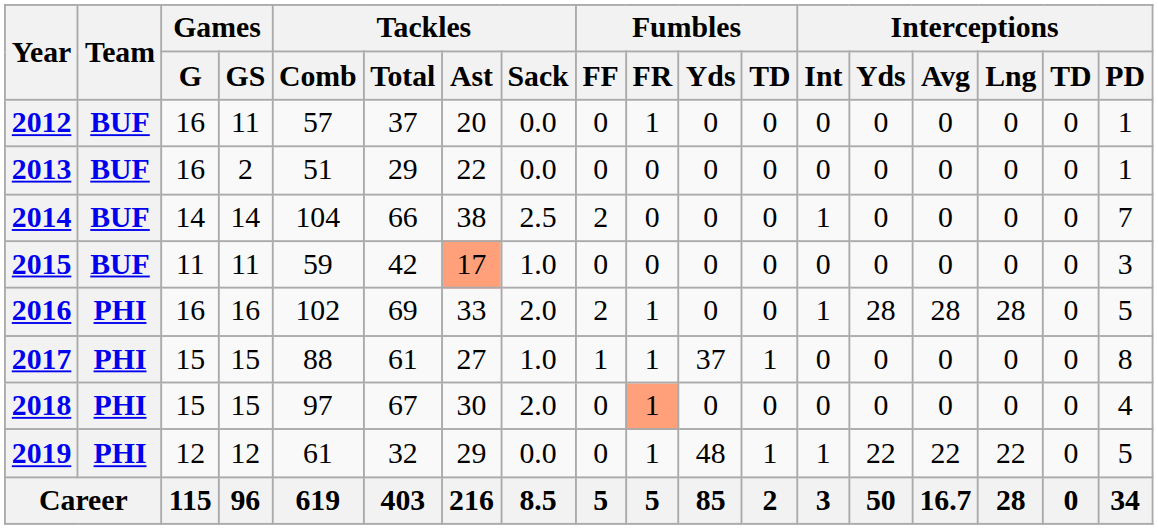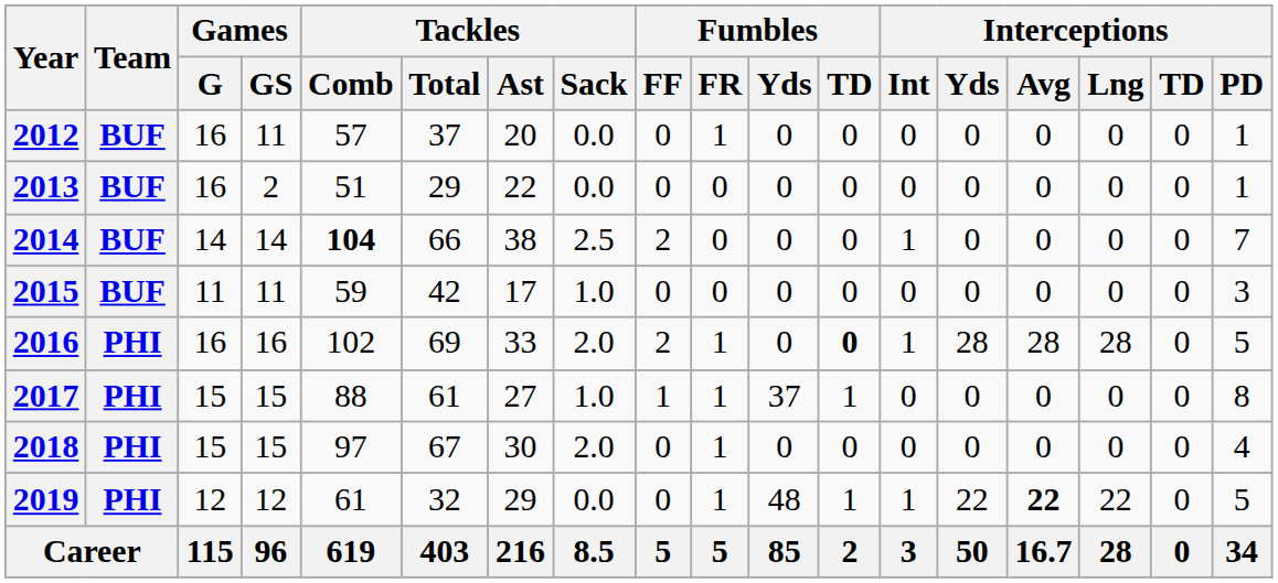 <table class="wikitable" style="text-align: center;">
 <tr>
 <th rowspan="2">Year</th>
 <th rowspan="2">Team</th>
 <th colspan="2">Games</th>
 <th colspan="4">Tackles</th>
 <th colspan="4">Fumbles</th>
 <th colspan="6">Interceptions</th>
 </tr>
 <tr>
 <th>G</th>
 <th>GS</th>
 <th>Comb</th>
 <th>Total</th>
 <th>Ast</th>
 <th>Sack</th>
 <th>FF</th>
 <th>FR</th>
 <th>Yds</th>
 <th>TD</th>
 <th>Int</th>
 <th>Yds</th>
 <th>Avg</th>
 <th>Lng</th>
 <th>TD</th>
 <th>PD</th>
 </tr>
 <tr>
 <th><a href='#'>2012</a></th>
 <th><a href='#'>BUF</a></th>
 <td>16</td>
 <td>11</td>
 <td>57</td>
 <td>37</td>
 <td>20</td>
 <td>0.0</td>
 <td>0</td>
 <td>1</td>
 <td>0</td>
 <td>0</td>
 <td>0</td>
 <td>0</td>
 <td>0</td>
 <td>0</td>
 <td>0</td>
 <td>1</td>
 </tr>
 <tr>
 <th><a href='#'>2013</a></th>
 <th><a href='#'>BUF</a></th>
 <td>16</td>
 <td>2</td>
 <td>51</td>
 <td>29</td>
 <td>22</td>
 <td>0.0</td>
 <td>0</td>
 <td>0</td>
 <td>0</td>
 <td>0</td>
 <td>0</td>
 <td>0</td>
 <td>0</td>
 <td>0</td>
 <td>0</td>
 <td>1</td>
 </tr>
 <tr>
 <th><a href='#'>2014</a></th>
 <th><a href='#'>BUF</a></th>
 <td>14</td>
 <td>14</td>
-<td>104</td>
+<td><strong>104</strong></td>
 <td>66</td>
 <td>38</td>
 <td>2.5</td>
 <td>2</td>
 <td>0</td>
 <td>0</td>
 <td>0</td>
 <td>1</td>
 <td>0</td>
 <td>0</td>
 <td>0</td>
 <td>0</td>
 <td>7</td>
 </tr>
 <tr>
 <th><a href='#'>2015</a></th>
 <th><a href='#'>BUF</a></th>
 <td>11</td>
 <td>11</td>
 <td>59</td>
 <td>42</td>
-<td style="background: lightsalmon;">17</td>
+<td>17</td>
 <td>1.0</td>
 <td>0</td>
 <td>0</td>
 <td>0</td>
 <td>0</td>
 <td>0</td>
 <td>0</td>
 <td>0</td>
 <td>0</td>
 <td>0</td>
 <td>3</td>
 </tr>
 <tr>
 <th><a href='#'>2016</a></th>
 <th><a href='#'>PHI</a></th>
 <td>16</td>
 <td>16</td>
 <td>102</td>
 <td>69</td>
 <td>33</td>
 <td>2.0</td>
 <td>2</td>
 <td>1</td>
 <td>0</td>
-<td>0</td>
+<td><strong>0</strong></td>
 <td>1</td>
 <td>28</td>
 <td>28</td>
 <td>28</td>
 <td>0</td>
 <td>5</td>
 </tr>
 <tr>
 <th><a href='#'>2017</a></th>
 <th><a href='#'>PHI</a></th>
 <td>15</td>
 <td>15</td>
 <td>88</td>
 <td>61</td>
 <td>27</td>
 <td>1.0</td>
 <td>1</td>
 <td>1</td>
 <td>37</td>
 <td>1</td>
 <td>0</td>
 <td>0</td>
 <td>0</td>
 <td>0</td>
 <td>0</td>
 <td>8</td>
 </tr>
 <tr>
 <th><a href='#'>2018</a></th>
 <th><a href='#'>PHI</a></th>
 <td>15</td>
 <td>15</td>
 <td>97</td>
 <td>67</td>
 <td>30</td>
 <td>2.0</td>
 <td>0</td>
-<td style="background: lightsalmon;">1</td>
+<td>1</td>
 <td>0</td>
 <td>0</td>
 <td>0</td>
 <td>0</td>
 <td>0</td>
 <td>0</td>
 <td>0</td>
 <td>4</td>
 </tr>
 <tr>
 <th><a href='#'>2019</a></th>
 <th><a href='#'>PHI</a></th>
 <td>12</td>
 <td>12</td>
 <td>61</td>
 <td>32</td>
 <td>29</td>
 <td>0.0</td>
 <td>0</td>
 <td>1</td>
 <td>48</td>
 <td>1</td>
 <td>1</td>
 <td>22</td>
-<td>22</td>
+<td><strong>22</strong></td>
 <td>22</td>
 <td>0</td>
 <td>5</td>
 </tr>
 <tr>
 <th colspan="2">Career</th>
 <th>115</th>
 <th>96</th>
 <th>619</th>
 <th>403</th>
 <th>216</th>
 <th>8.5</th>
 <th>5</th>
 <th>5</th>
 <th>85</th>
 <th>2</th>
 <th>3</th>
 <th>50</th>
 <th>16.7</th>
 <th>28</th>
 <th>0</th>
 <th>34</th>
 </tr>
 </table>
